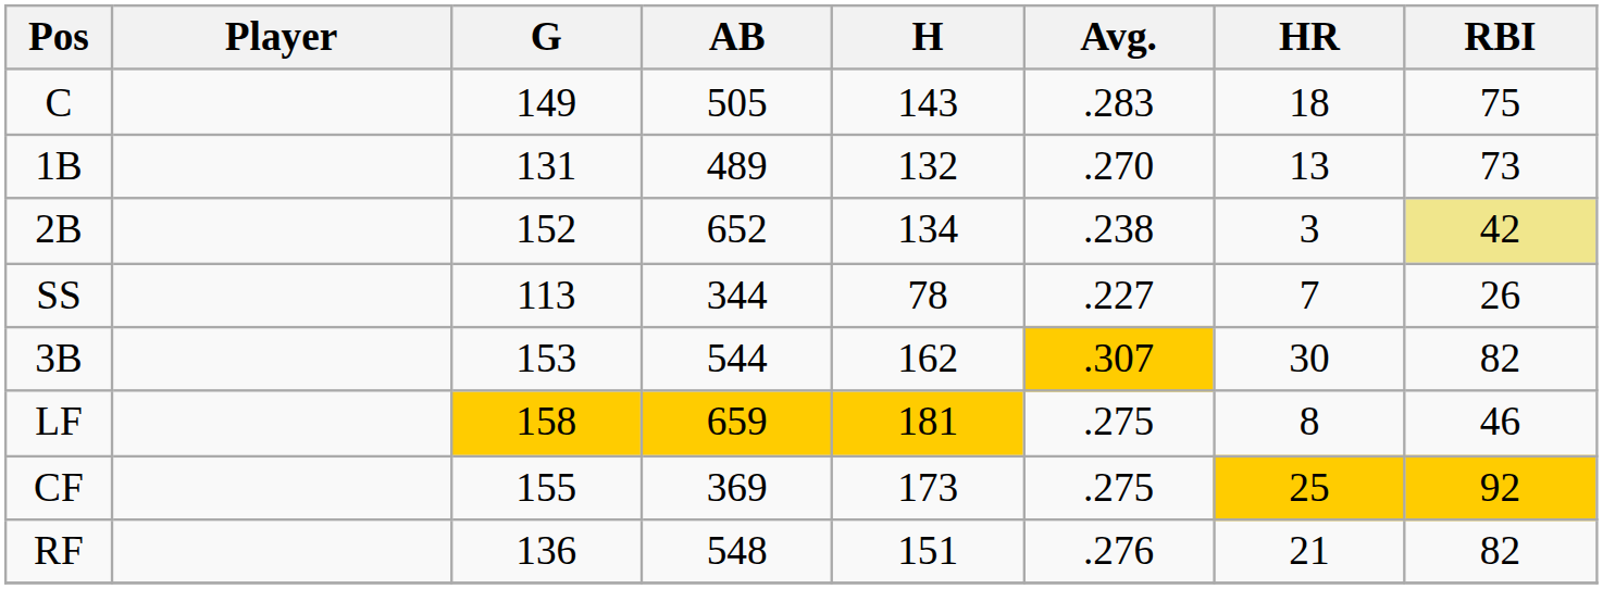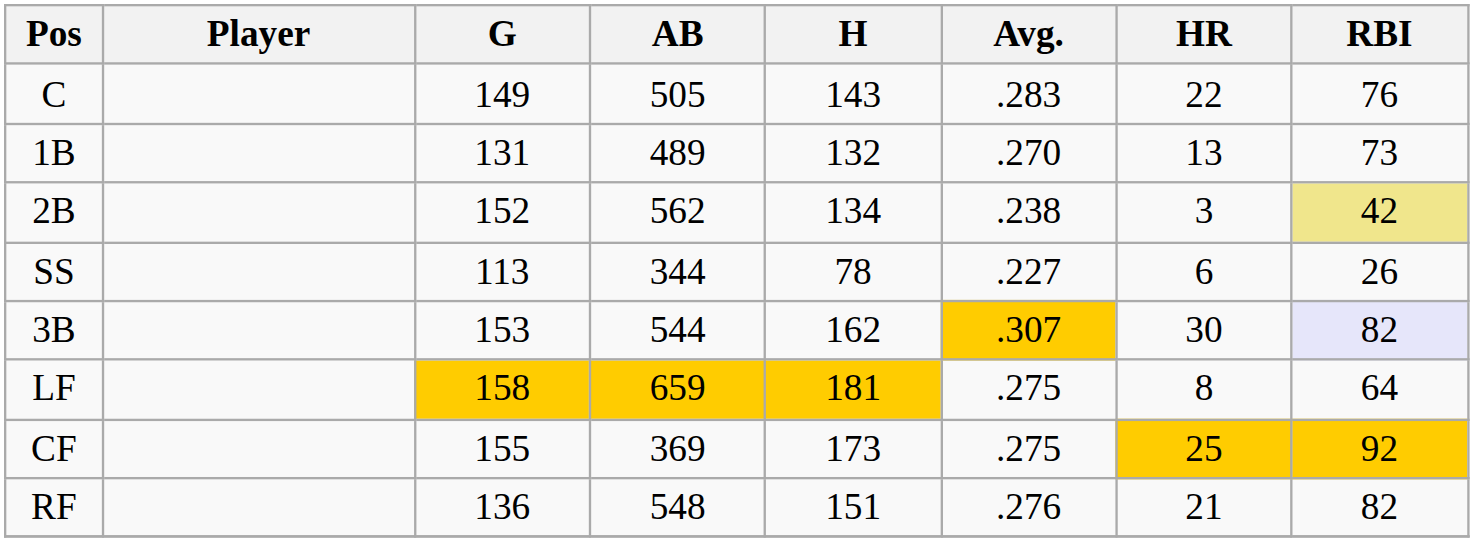 <table class="wikitable sortable">
 <tr>
 <th bgcolor="#DDDDFF" width="5%">Pos</th>
 <th bgcolor="#DDDDFF" width="16%">Player</th>
 <th bgcolor="#DDDDFF" width="9%">G</th>
 <th bgcolor="#DDDDFF" width="9%">AB</th>
 <th bgcolor="#DDDDFF" width="9%">H</th>
 <th bgcolor="#DDDDFF" width="9%">Avg.</th>
 <th bgcolor="#DDDDFF" width="9%">HR</th>
 <th bgcolor="#DDDDFF" width="9%">RBI</th>
 </tr>
 <tr align="center">
 <td>C</td>
 <td></td>
 <td>149</td>
 <td>505</td>
 <td>143</td>
 <td>.283</td>
-<td>18</td>
-<td>75</td>
+<td>22</td>
+<td>76</td>
 </tr>
 <tr align="center">
 <td>1B</td>
 <td></td>
 <td>131</td>
 <td>489</td>
 <td>132</td>
 <td>.270</td>
 <td>13</td>
 <td>73</td>
 </tr>
 <tr align="center">
 <td>2B</td>
 <td></td>
 <td>152</td>
-<td>652</td>
+<td>562</td>
 <td>134</td>
 <td>.238</td>
 <td>3</td>
 <td style="background: khaki;">42</td>
 </tr>
 <tr align="center">
 <td>SS</td>
 <td></td>
 <td>113</td>
 <td>344</td>
 <td>78</td>
 <td>.227</td>
-<td>7</td>
+<td>6</td>
 <td>26</td>
 </tr>
 <tr align="center">
 <td>3B</td>
 <td></td>
 <td>153</td>
 <td>544</td>
 <td>162</td>
 <td style="background:#fc0;">.307</td>
 <td>30</td>
-<td>82</td>
+<td style="background: lavender;">82</td>
 </tr>
 <tr align="center">
 <td>LF</td>
 <td></td>
 <td style="background:#fc0;">158</td>
 <td style="background:#fc0;">659</td>
 <td style="background:#fc0;">181</td>
 <td>.275</td>
 <td>8</td>
-<td>46</td>
+<td>64</td>
 </tr>
 <tr align="center">
 <td>CF</td>
 <td></td>
 <td>155</td>
 <td>369</td>
 <td>173</td>
 <td>.275</td>
 <td style="background:#fc0;">25</td>
 <td style="background:#fc0;">92</td>
 </tr>
 <tr align="center">
 <td>RF</td>
 <td></td>
 <td>136</td>
 <td>548</td>
 <td>151</td>
 <td>.276</td>
 <td>21</td>
 <td>82</td>
 </tr>
 <tr align="center">
 </tr>
 </table>
